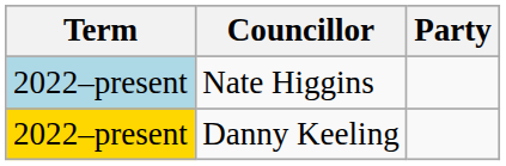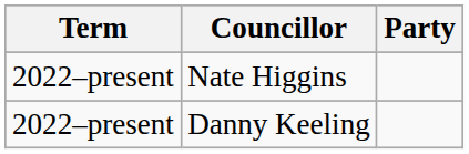 <table class="wikitable">
 <tr>
 <th>Term</th>
 <th>Councillor</th>
 <th colspan=2>Party</th>
 </tr>
 <tr>
-<td style="background: lightblue;">2022–present</td>
+<td>2022–present</td>
 <td>Nate Higgins</td>
 <td></td>
 </tr>
 <tr>
-<td style="background: gold;">2022–present</td>
+<td>2022–present</td>
 <td>Danny Keeling</td>
 <td></td>
 </tr>
 </table>
